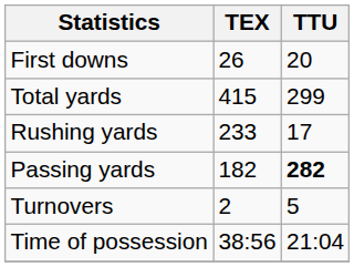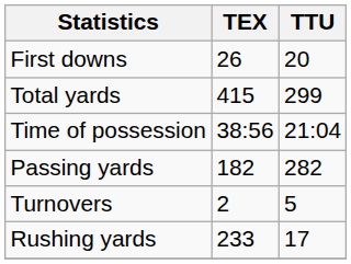 <table class="wikitable">
 <tr>
 <th>Statistics</th>
 <th>TEX</th>
 <th>TTU</th>
 </tr>
 <tr>
 <td>First downs</td>
 <td>26</td>
 <td>20</td>
 </tr>
 <tr>
 <td>Total yards</td>
 <td>415</td>
 <td>299</td>
 </tr>
 <tr>
-<td>Rushing yards</td>
-<td>233</td>
-<td>17</td>
+<td>Time of possession</td>
+<td>38:56</td>
+<td>21:04</td>
 </tr>
 <tr>
 <td>Passing yards</td>
 <td>182</td>
-<td><strong>282</strong></td>
+<td>282</td>
 </tr>
 <tr>
 <td>Turnovers</td>
 <td>2</td>
 <td>5</td>
 </tr>
 <tr>
-<td>Time of possession</td>
-<td>38:56</td>
-<td>21:04</td>
+<td>Rushing yards</td>
+<td>233</td>
+<td>17</td>
 </tr>
 <tr>
 </tr>
 </table>
